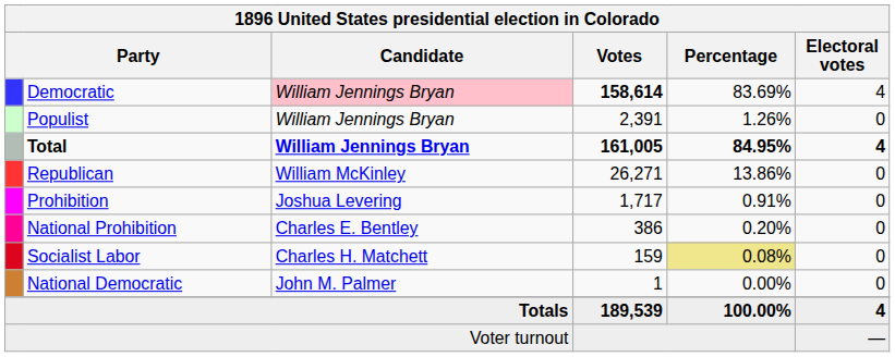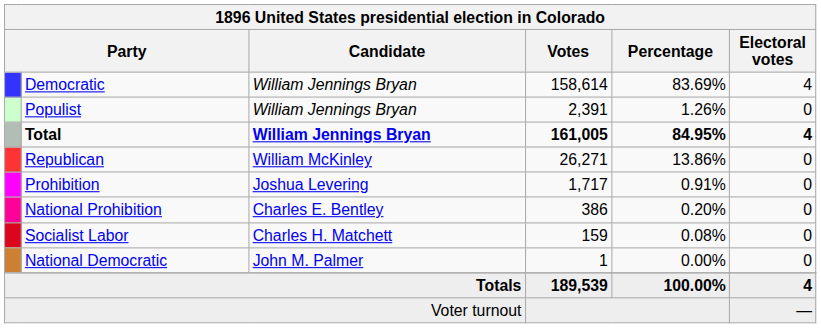 <table class="wikitable" style="font-size: 95%;">
 <tr>
 <th colspan="6">1896 United States presidential election in Colorado</th>
 </tr>
 <tr>
 <th colspan="2" style="width: 15em">Party</th>
 <th style="width: 17em">Candidate</th>
 <th style="width: 5em">Votes</th>
 <th style="width: 7em">Percentage</th>
 <th style="width: 5em">Electoral votes</th>
 </tr>
 <tr>
 <th style="background-color:#3333FF; width: 3px"></th>
 <td style="width: 130px"><a href='#'>Democratic</a></td>
-<td style="background: pink;"><em>William Jennings Bryan</em></td>
-<td align="right"><strong>158,614</strong></td>
+<td><em>William Jennings Bryan</em></td>
+<td align="right">158,614</td>
 <td align="right">83.69%</td>
 <td align="right">4</td>
 </tr>
 <tr>
 <th style="background-color:#CCFFCC; width: 3px"></th>
 <td style="width: 130px"><a href='#'>Populist</a></td>
 <td><em>William Jennings Bryan</em></td>
 <td align="right">2,391</td>
 <td align="right">1.26%</td>
 <td align="right">0</td>
 </tr>
 <tr>
 <th style="background-color:#B2BEB5; width: 3px"></th>
 <td style="width: 130px"><strong> Total</strong></td>
 <td><strong><a href='#'>William Jennings Bryan</a></strong></td>
 <td align="right"><strong>161,005</strong></td>
 <td align="right"><strong>84.95%</strong></td>
 <td align="right"><strong>4</strong></td>
 </tr>
 <tr>
 <th style="background-color:#FF3333; width: 3px"></th>
 <td style="width: 130px"><a href='#'>Republican</a></td>
 <td><a href='#'>William McKinley</a></td>
 <td align="right">26,271</td>
 <td align="right">13.86%</td>
 <td align="right">0</td>
 </tr>
 <tr>
 <th style="background-color:#FF00FF; width: 3px"></th>
 <td style="width: 130px"><a href='#'>Prohibition</a></td>
 <td><a href='#'>Joshua Levering</a></td>
 <td align="right">1,717</td>
 <td align="right">0.91%</td>
 <td align="right">0</td>
 </tr>
 <tr>
 <th style="background-color:#f09; width: 3px"></th>
 <td style="width: 130px"><a href='#'>National Prohibition</a></td>
 <td><a href='#'>Charles E. Bentley</a></td>
 <td align="right">386</td>
 <td align="right">0.20%</td>
 <td align="right">0</td>
 </tr>
 <tr>
 <th style="background-color:#DD051D; width: 3px"></th>
 <td style="width: 130px"><a href='#'>Socialist Labor</a></td>
 <td><a href='#'>Charles H. Matchett</a></td>
 <td align="right">159</td>
-<td align="right" style="background: khaki;">0.08%</td>
+<td align="right">0.08%</td>
 <td align="right">0</td>
 </tr>
 <tr>
 <th style="background-color:#CD7F32; width: 3px"></th>
 <td style="width: 130px"><a href='#'>National Democratic</a></td>
 <td><a href='#'>John M. Palmer</a></td>
 <td align="right">1</td>
 <td align="right">0.00%</td>
 <td align="right">0</td>
 </tr>
 <tr>
 </tr>
 <tr bgcolor="#EEEEEE">
 <td colspan="3" align="right"><strong>Totals</strong></td>
 <td align="right"><strong>189,539</strong></td>
 <td align="right"><strong>100.00%</strong></td>
 <td align="right"><strong>4</strong></td>
 </tr>
 <tr bgcolor="#EEEEEE">
 <td colspan="3" align="right">Voter turnout</td>
 <td colspan="2" align="right"></td>
 <td align="right">—</td>
 </tr>
 </table>
